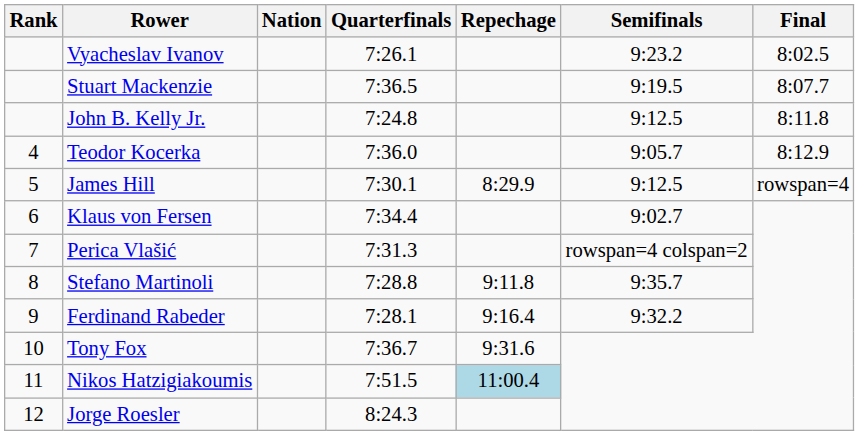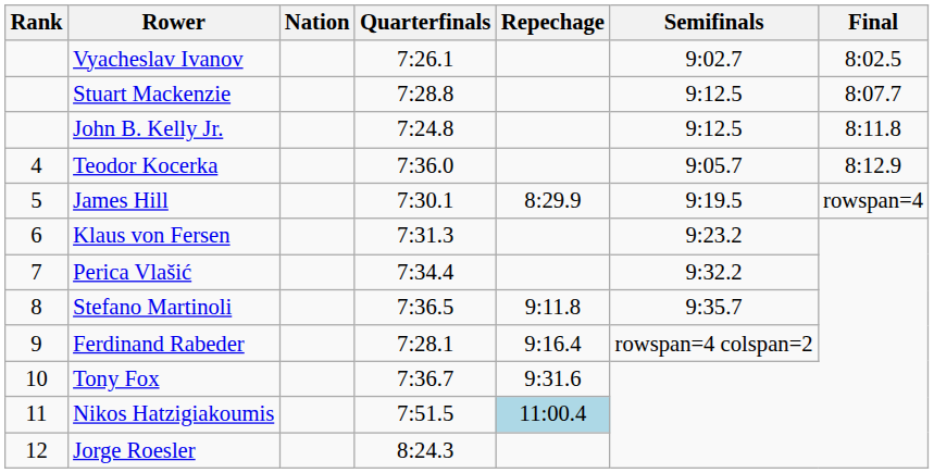 <table class="wikitable sortable" style="text-align:center">
 <tr>
 <th>Rank</th>
 <th>Rower</th>
 <th>Nation</th>
 <th>Quarterfinals</th>
 <th>Repechage</th>
 <th>Semifinals</th>
 <th>Final</th>
 </tr>
 <tr>
 <td></td>
 <td align=left><a href='#'>Vyacheslav Ivanov</a></td>
 <td align=left></td>
 <td>7:26.1</td>
 <td></td>
-<td>9:23.2</td>
+<td>9:02.7</td>
 <td>8:02.5</td>
 </tr>
 <tr>
 <td></td>
 <td align=left><a href='#'>Stuart Mackenzie</a></td>
 <td align=left></td>
-<td>7:36.5</td>
+<td>7:28.8</td>
 <td></td>
-<td>9:19.5</td>
+<td>9:12.5</td>
 <td>8:07.7</td>
 </tr>
 <tr>
 <td></td>
 <td align=left><a href='#'>John B. Kelly Jr.</a></td>
 <td align=left></td>
 <td>7:24.8</td>
 <td></td>
 <td>9:12.5</td>
 <td>8:11.8</td>
 </tr>
 <tr>
 <td>4</td>
 <td align=left><a href='#'>Teodor Kocerka</a></td>
 <td align=left></td>
 <td>7:36.0</td>
 <td></td>
 <td>9:05.7</td>
 <td>8:12.9</td>
 </tr>
 <tr>
 <td>5</td>
 <td align=left><a href='#'>James Hill</a></td>
 <td align=left></td>
 <td>7:30.1</td>
 <td>8:29.9</td>
-<td>9:12.5</td>
+<td>9:19.5</td>
 <td>rowspan=4 </td>
 </tr>
 <tr>
 <td>6</td>
 <td align=left><a href='#'>Klaus von Fersen</a></td>
 <td align=left></td>
-<td>7:34.4</td>
+<td>7:31.3</td>
 <td></td>
-<td>9:02.7</td>
+<td>9:23.2</td>
 </tr>
 <tr>
 <td>7</td>
 <td align=left><a href='#'>Perica Vlašić</a></td>
 <td align=left></td>
-<td>7:31.3</td>
+<td>7:34.4</td>
 <td></td>
-<td>rowspan=4 colspan=2 </td>
+<td>9:32.2</td>
 </tr>
 <tr>
 <td>8</td>
 <td align=left><a href='#'>Stefano Martinoli</a></td>
 <td align=left></td>
-<td>7:28.8</td>
+<td>7:36.5</td>
 <td>9:11.8</td>
 <td>9:35.7</td>
 </tr>
 <tr>
 <td>9</td>
 <td align=left><a href='#'>Ferdinand Rabeder</a></td>
 <td align=left></td>
 <td>7:28.1</td>
 <td>9:16.4</td>
-<td>9:32.2</td>
+<td>rowspan=4 colspan=2 </td>
 </tr>
 <tr>
 <td>10</td>
 <td align=left><a href='#'>Tony Fox</a></td>
 <td align=left></td>
 <td>7:36.7</td>
 <td>9:31.6</td>
 </tr>
 <tr>
 <td>11</td>
 <td align=left><a href='#'>Nikos Hatzigiakoumis</a></td>
 <td align=left></td>
 <td>7:51.5</td>
 <td style="background: lightblue;">11:00.4</td>
 </tr>
 <tr>
 <td>12</td>
 <td align=left><a href='#'>Jorge Roesler</a></td>
 <td align=left></td>
 <td>8:24.3</td>
 <td data-sort-value=99:99.9></td>
 </tr>
 </table>
